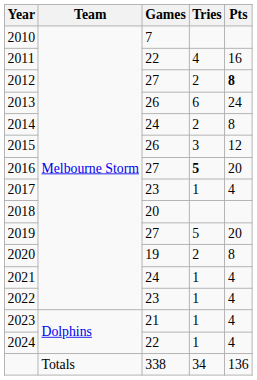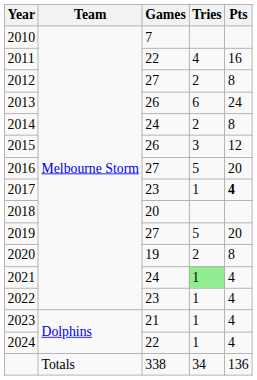 <table class="wikitable">
 <tr>
 <th>Year</th>
 <th>Team</th>
 <th>Games</th>
 <th>Tries</th>
 <th>Pts</th>
 </tr>
 <tr>
 <td>2010</td>
 <td rowspan="13"> <a href='#'>Melbourne Storm</a></td>
 <td>7</td>
 <td></td>
 <td></td>
 </tr>
 <tr>
 <td>2011</td>
 <td>22</td>
 <td>4</td>
 <td>16</td>
 </tr>
 <tr>
 <td>2012</td>
 <td>27</td>
 <td>2</td>
-<td><strong>8</strong></td>
+<td>8</td>
 </tr>
 <tr>
 <td>2013</td>
 <td>26</td>
 <td>6</td>
 <td>24</td>
 </tr>
 <tr>
 <td>2014</td>
 <td>24</td>
 <td>2</td>
 <td>8</td>
 </tr>
 <tr>
 <td>2015</td>
 <td>26</td>
 <td>3</td>
 <td>12</td>
 </tr>
 <tr>
 <td>2016</td>
 <td>27</td>
-<td><strong>5</strong></td>
+<td>5</td>
 <td>20</td>
 </tr>
 <tr>
 <td>2017</td>
 <td>23</td>
 <td>1</td>
-<td>4</td>
+<td><strong>4</strong></td>
 </tr>
 <tr>
 <td>2018</td>
 <td>20</td>
 <td></td>
 <td></td>
 </tr>
 <tr>
 <td>2019</td>
 <td>27</td>
 <td>5</td>
 <td>20</td>
 </tr>
 <tr>
 <td>2020</td>
 <td>19</td>
 <td>2</td>
 <td>8</td>
 </tr>
 <tr>
 <td>2021</td>
 <td>24</td>
-<td>1</td>
+<td style="background: lightgreen;">1</td>
 <td>4</td>
 </tr>
 <tr>
 <td>2022</td>
 <td>23</td>
 <td>1</td>
 <td>4</td>
 </tr>
 <tr>
 <td>2023</td>
 <td rowspan="2"> <a href='#'>Dolphins</a></td>
 <td>21</td>
 <td>1</td>
 <td>4</td>
 </tr>
 <tr>
 <td>2024</td>
 <td>22</td>
 <td>1</td>
 <td>4</td>
 </tr>
 <tr>
 <td></td>
 <td>Totals</td>
 <td>338</td>
 <td>34</td>
 <td>136</td>
 </tr>
 </table>
